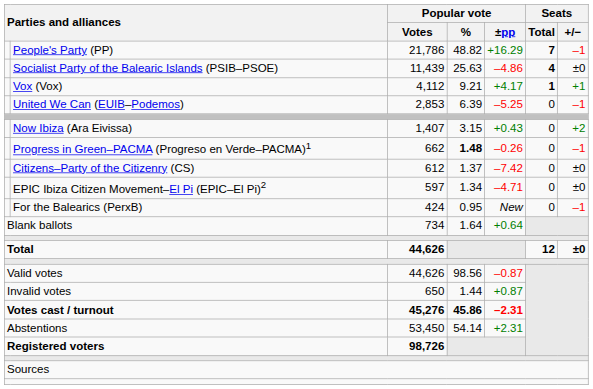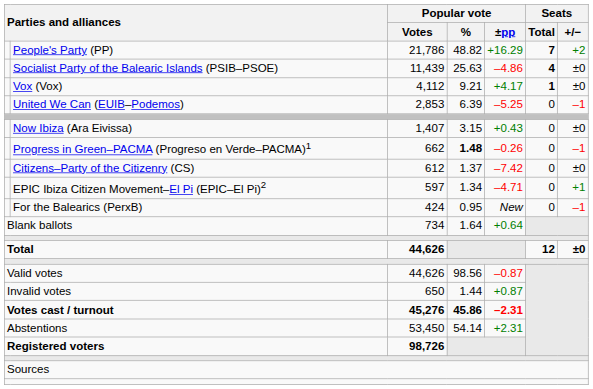 <table class="wikitable" style="text-align:right;">
 <tr>
 <th style="text-align:left;" rowspan="2" colspan="2" width="525">Parties and alliances</th>
 <th colspan="3">Popular vote</th>
 <th colspan="2">Seats</th>
 </tr>
 <tr>
 <th width="75">Votes</th>
 <th width="45">%</th>
 <th width="45">±<a href='#'>pp</a></th>
 <th width="35">Total</th>
 <th width="35">+/−</th>
 </tr>
 <tr>
 <td width="1" style="color:inherit;background:"></td>
 <td align="left"><a href='#'>People's Party</a> (PP)</td>
 <td>21,786</td>
 <td>48.82</td>
 <td style="color:green;">+16.29</td>
 <td><strong>7</strong></td>
-<td style="color:red;">–1</td>
+<td style="color:green;">+2</td>
 </tr>
 <tr>
 <td style="color:inherit;background:"></td>
 <td align="left"><a href='#'>Socialist Party of the Balearic Islands</a> (PSIB–PSOE)</td>
 <td>11,439</td>
 <td>25.63</td>
 <td style="color:red;">–4.86</td>
 <td><strong>4</strong></td>
 <td>±0</td>
 </tr>
 <tr>
 <td style="color:inherit;background:"></td>
 <td align="left"><a href='#'>Vox</a> (Vox)</td>
 <td>4,112</td>
 <td>9.21</td>
 <td style="color:green;">+4.17</td>
 <td><strong>1</strong></td>
-<td style="color:green;">+1</td>
+<td>±0</td>
 </tr>
 <tr>
 <td style="color:inherit;background:"></td>
 <td align="left"><a href='#'>United We Can</a> (<a href='#'>EUIB</a>–<a href='#'>Podemos</a>)</td>
 <td>2,853</td>
 <td>6.39</td>
 <td style="color:red;">–5.25</td>
 <td>0</td>
 <td style="color:red;">–1</td>
 </tr>
 <tr>
 <td colspan="7" bgcolor="#C0C0C0"></td>
 </tr>
 <tr>
 <td style="color:inherit;background:"></td>
 <td align="left"><a href='#'>Now Ibiza</a> (Ara Eivissa)</td>
 <td>1,407</td>
 <td>3.15</td>
 <td style="color:green;">+0.43</td>
 <td>0</td>
-<td style="color:green;">+2</td>
+<td>±0</td>
 </tr>
 <tr>
 <td style="color:inherit;background:"></td>
 <td align="left"><a href='#'>Progress in Green–PACMA</a> (Progreso en Verde–PACMA)<sup>1</sup></td>
 <td>662</td>
 <td><strong>1.48</strong></td>
 <td style="color:red;">–0.26</td>
 <td>0</td>
 <td style="color:red;">–1</td>
 </tr>
 <tr>
 <td style="color:inherit;background:"></td>
 <td align="left"><a href='#'>Citizens–Party of the Citizenry</a> (CS)</td>
 <td>612</td>
 <td>1.37</td>
 <td style="color:red;">–7.42</td>
 <td>0</td>
 <td>±0</td>
 </tr>
 <tr>
 <td style="color:inherit;background:"></td>
 <td align="left">EPIC Ibiza Citizen Movement–<a href='#'>El Pi</a> (EPIC–El Pi)<sup>2</sup></td>
 <td>597</td>
 <td>1.34</td>
 <td style="color:red;">–4.71</td>
 <td>0</td>
-<td>±0</td>
+<td style="color:green;">+1</td>
 </tr>
 <tr>
 <td style="color:inherit;background:"></td>
 <td align="left">For the Balearics (PerxB)</td>
 <td>424</td>
 <td>0.95</td>
 <td><em>New</em></td>
 <td>0</td>
 <td style="color:red;">–1</td>
 </tr>
 <tr>
 <td align="left" colspan="2">Blank ballots</td>
 <td>734</td>
 <td>1.64</td>
 <td style="color:green;">+0.64</td>
 <td bgcolor="#E9E9E9" colspan="2"></td>
 </tr>
 <tr>
 <td colspan="7" bgcolor="#E9E9E9"></td>
 </tr>
 <tr style="font-weight:bold;">
 <td align="left" colspan="2">Total</td>
 <td>44,626</td>
 <td bgcolor="#E9E9E9" colspan="2"></td>
 <td>12</td>
 <td>±0</td>
 </tr>
 <tr>
 <td colspan="7" bgcolor="#E9E9E9"></td>
 </tr>
 <tr>
 <td align="left" colspan="2">Valid votes</td>
 <td>44,626</td>
 <td>98.56</td>
 <td style="color:red;">–0.87</td>
 <td bgcolor="#E9E9E9" colspan="2" rowspan="5"></td>
 </tr>
 <tr>
 <td align="left" colspan="2">Invalid votes</td>
 <td>650</td>
 <td>1.44</td>
 <td style="color:green;">+0.87</td>
 </tr>
 <tr style="font-weight:bold;">
 <td align="left" colspan="2">Votes cast / turnout</td>
 <td>45,276</td>
 <td>45.86</td>
 <td style="color:red;">–2.31</td>
 </tr>
 <tr>
 <td align="left" colspan="2">Abstentions</td>
 <td>53,450</td>
 <td>54.14</td>
 <td style="color:green;">+2.31</td>
 </tr>
 <tr style="font-weight:bold;">
 <td align="left" colspan="2">Registered voters</td>
 <td>98,726</td>
 <td bgcolor="#E9E9E9" colspan="2"></td>
 </tr>
 <tr>
 <td colspan="7" bgcolor="#E9E9E9"></td>
 </tr>
 <tr>
 <td align="left" colspan="7">Sources</td>
 </tr>
 <tr>
 <td colspan="7" style="text-align:left; max-width:790px;"></td>
 </tr>
 </table>
